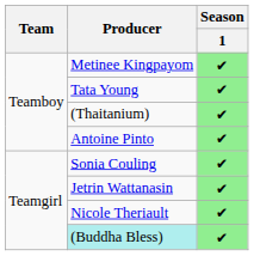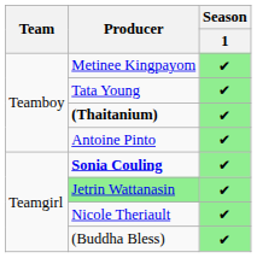 <table class="wikitable">
 <tr>
 <th rowspan="2">Team</th>
 <th rowspan="2">Producer</th>
 <th colspan="1">Season</th>
 </tr>
 <tr>
 <th><strong>1</strong></th>
 </tr>
 <tr>
 <td rowspan="4">Teamboy</td>
 <td><a href='#'>Metinee Kingpayom</a></td>
 <td colspan="1" style="background:lightgreen; text-align:center;">✔</td>
 </tr>
 <tr>
 <td><a href='#'>Tata Young</a></td>
 <td colspan="1" style="background:lightgreen; text-align:center;">✔</td>
 </tr>
 <tr>
-<td>  (Thaitanium)</td>
+<td><strong>  (Thaitanium)</strong></td>
 <td colspan="1" style="background:lightgreen; text-align:center;">✔</td>
 </tr>
 <tr>
 <td><a href='#'>Antoine Pinto</a></td>
 <td colspan="1" style="background:lightgreen; text-align:center;">✔</td>
 </tr>
 <tr>
 <td rowspan="4">Teamgirl</td>
-<td><a href='#'>Sonia Couling</a></td>
+<td><strong><a href='#'>Sonia Couling</a></strong></td>
 <td colspan="1" style="background:lightgreen; text-align:center;">✔</td>
 </tr>
 <tr>
-<td><a href='#'>Jetrin Wattanasin</a></td>
+<td style="background: lightgreen;"><a href='#'>Jetrin Wattanasin</a></td>
 <td colspan="1" style="background:lightgreen; text-align:center;">✔</td>
 </tr>
 <tr>
 <td><a href='#'>Nicole Theriault</a></td>
 <td colspan="1" style="background:lightgreen; text-align:center;">✔</td>
 </tr>
 <tr>
-<td style="background: paleturquoise;"> (Buddha Bless)</td>
+<td> (Buddha Bless)</td>
 <td colspan="1" style="background:lightgreen; text-align:center;">✔</td>
 </tr>
 </table>
